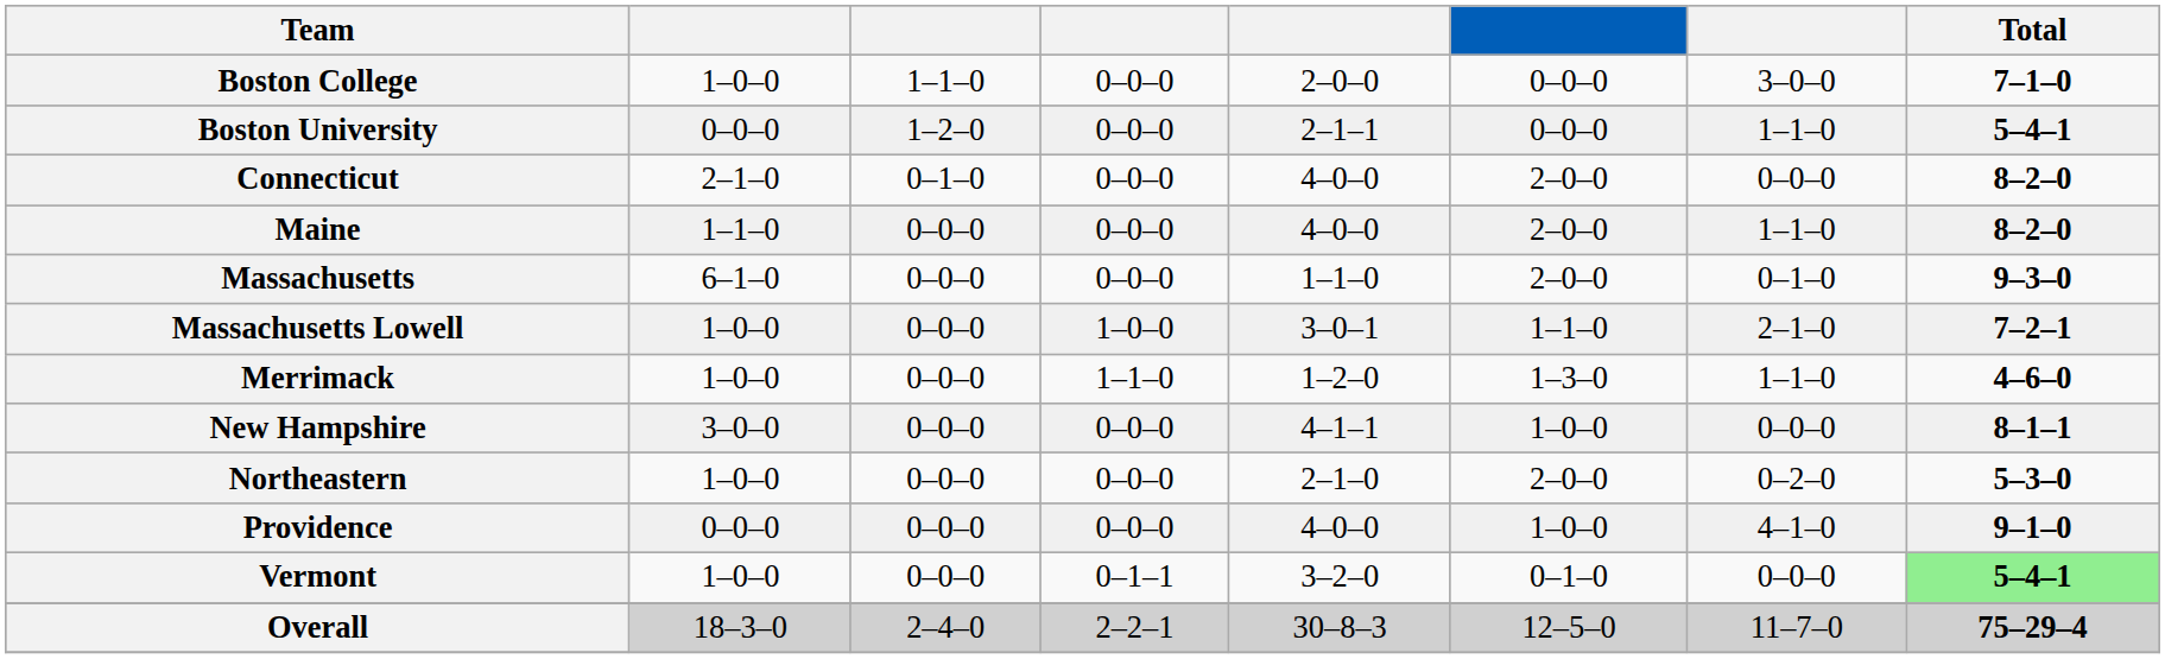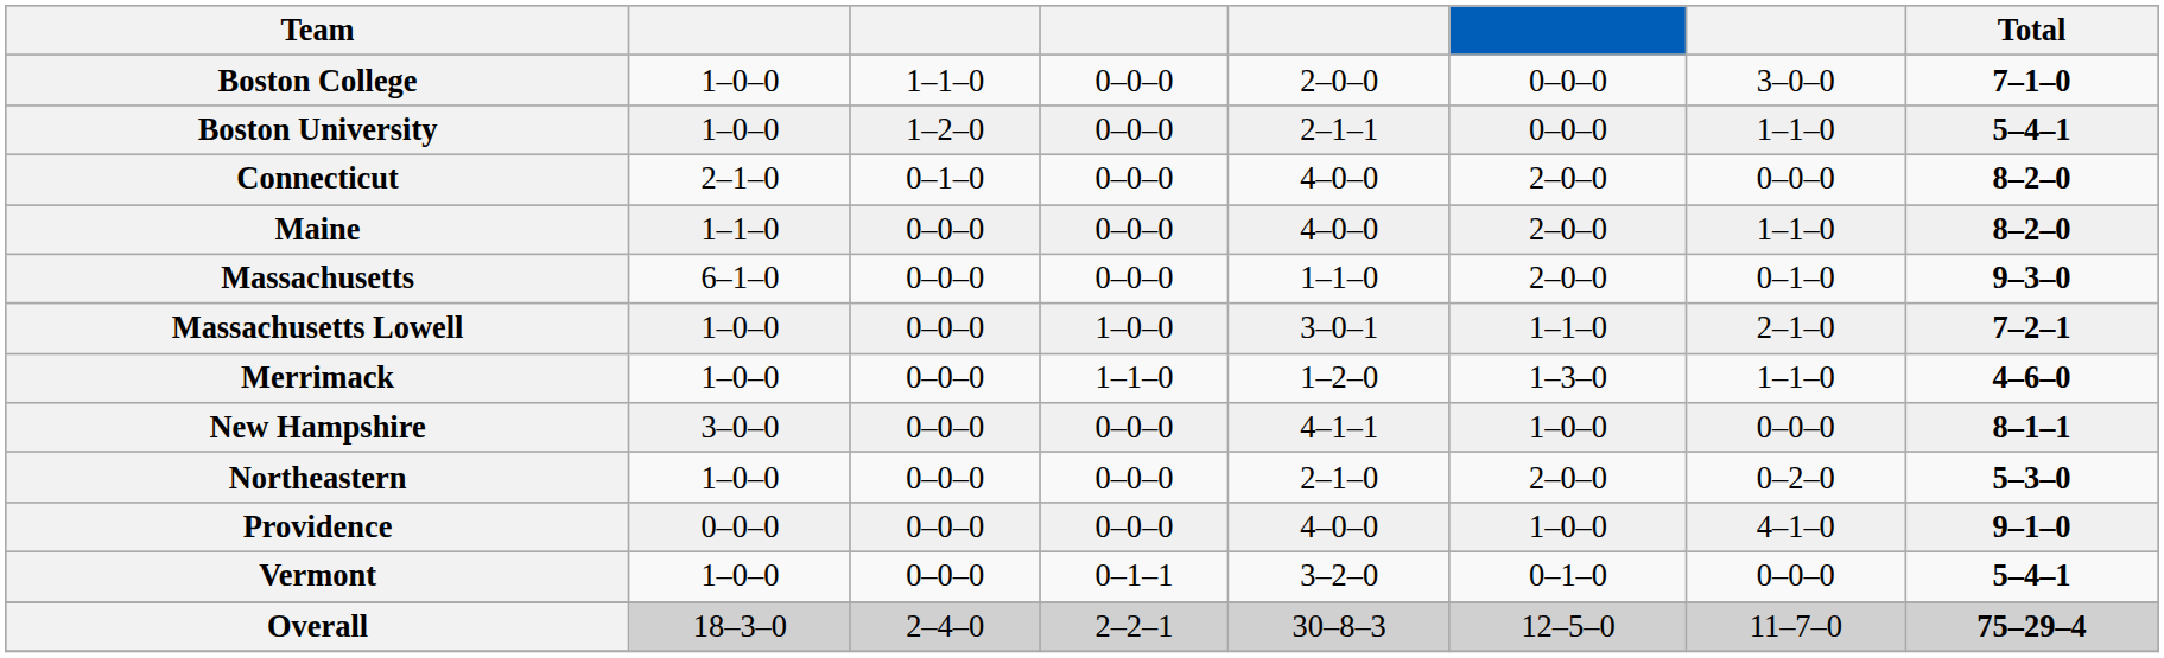 <table class="wikitable" style="text-align: center; "width=1100">
 <tr>
 <th>Team</th>
 <th><a href='#'></a></th>
 <th><a href='#'></a></th>
 <th><a href='#'></a></th>
 <th><a href='#'></a></th>
 <th style="color:white; background:#005EB8"; width=11%><a href='#'></a></th>
 <th><a href='#'></a></th>
 <th>Total</th>
 </tr>
 <tr>
 <th>Boston College</th>
 <td>1–0–0</td>
 <td>1–1–0</td>
 <td>0–0–0</td>
 <td>2–0–0</td>
 <td>0–0–0</td>
 <td>3–0–0</td>
 <td><strong>7–1–0</strong></td>
 </tr>
 <tr bgcolor=f0f0f0>
 <th>Boston University</th>
-<td>0–0–0</td>
+<td>1–0–0</td>
 <td>1–2–0</td>
 <td>0–0–0</td>
 <td>2–1–1</td>
 <td>0–0–0</td>
 <td>1–1–0</td>
 <td><strong>5–4–1</strong></td>
 </tr>
 <tr>
 <th>Connecticut</th>
 <td>2–1–0</td>
 <td>0–1–0</td>
 <td>0–0–0</td>
 <td>4–0–0</td>
 <td>2–0–0</td>
 <td>0–0–0</td>
 <td><strong>8–2–0</strong></td>
 </tr>
 <tr bgcolor=f0f0f0>
 <th>Maine</th>
 <td>1–1–0</td>
 <td>0–0–0</td>
 <td>0–0–0</td>
 <td>4–0–0</td>
 <td>2–0–0</td>
 <td>1–1–0</td>
 <td><strong>8–2–0</strong></td>
 </tr>
 <tr>
 <th>Massachusetts</th>
 <td>6–1–0</td>
 <td>0–0–0</td>
 <td>0–0–0</td>
 <td>1–1–0</td>
 <td>2–0–0</td>
 <td>0–1–0</td>
 <td><strong>9–3–0</strong></td>
 </tr>
 <tr bgcolor=f0f0f0>
 <th>Massachusetts Lowell</th>
 <td>1–0–0</td>
 <td>0–0–0</td>
 <td>1–0–0</td>
 <td>3–0–1</td>
 <td>1–1–0</td>
 <td>2–1–0</td>
 <td><strong>7–2–1</strong></td>
 </tr>
 <tr>
 <th>Merrimack</th>
 <td>1–0–0</td>
 <td>0–0–0</td>
 <td>1–1–0</td>
 <td>1–2–0</td>
 <td>1–3–0</td>
 <td>1–1–0</td>
 <td><strong>4–6–0</strong></td>
 </tr>
 <tr bgcolor=f0f0f0>
 <th>New Hampshire</th>
 <td>3–0–0</td>
 <td>0–0–0</td>
 <td>0–0–0</td>
 <td>4–1–1</td>
 <td>1–0–0</td>
 <td>0–0–0</td>
 <td><strong>8–1–1</strong></td>
 </tr>
 <tr>
 <th>Northeastern</th>
 <td>1–0–0</td>
 <td>0–0–0</td>
 <td>0–0–0</td>
 <td>2–1–0</td>
 <td>2–0–0</td>
 <td>0–2–0</td>
 <td><strong>5–3–0</strong></td>
 </tr>
 <tr bgcolor=f0f0f0>
 <th>Providence</th>
 <td>0–0–0</td>
 <td>0–0–0</td>
 <td>0–0–0</td>
 <td>4–0–0</td>
 <td>1–0–0</td>
 <td>4–1–0</td>
 <td><strong>9–1–0</strong></td>
 </tr>
 <tr>
 <th>Vermont</th>
 <td>1–0–0</td>
 <td>0–0–0</td>
 <td>0–1–1</td>
 <td>3–2–0</td>
 <td>0–1–0</td>
 <td>0–0–0</td>
-<td style="background: lightgreen;"><strong>5–4–1</strong></td>
+<td><strong>5–4–1</strong></td>
 </tr>
 <tr>
 </tr>
 <tr bgcolor=d0d0d0>
 <th>Overall</th>
 <td>18–3–0</td>
 <td>2–4–0</td>
 <td>2–2–1</td>
 <td>30–8–3</td>
 <td>12–5–0</td>
 <td>11–7–0</td>
 <td><strong>75–29–4</strong></td>
 </tr>
 <tr>
 </tr>
 </table>
